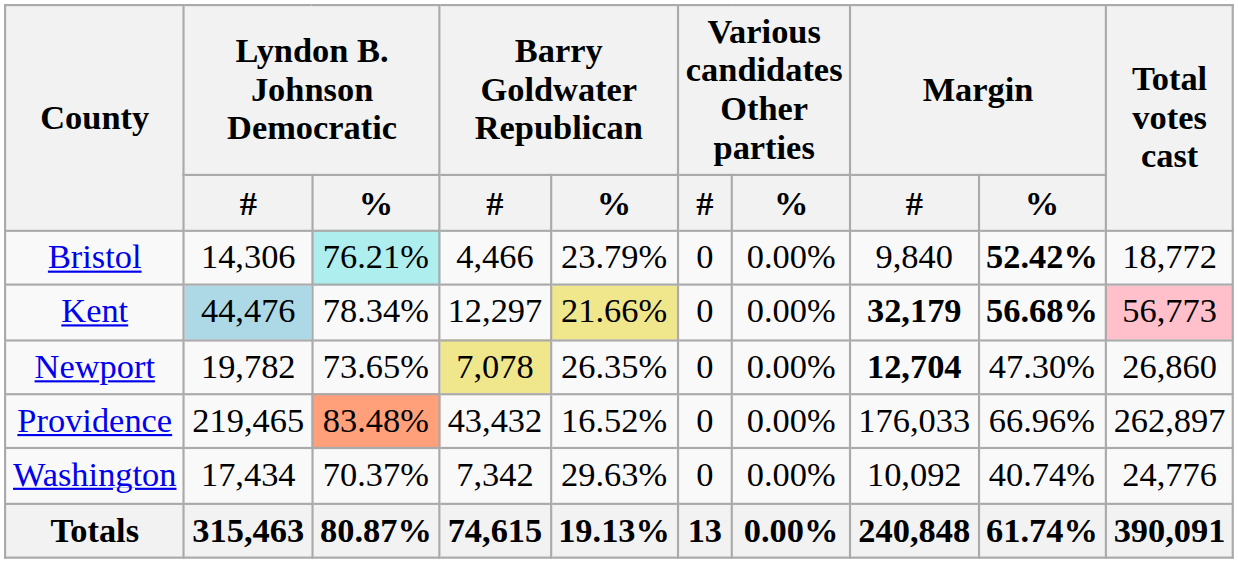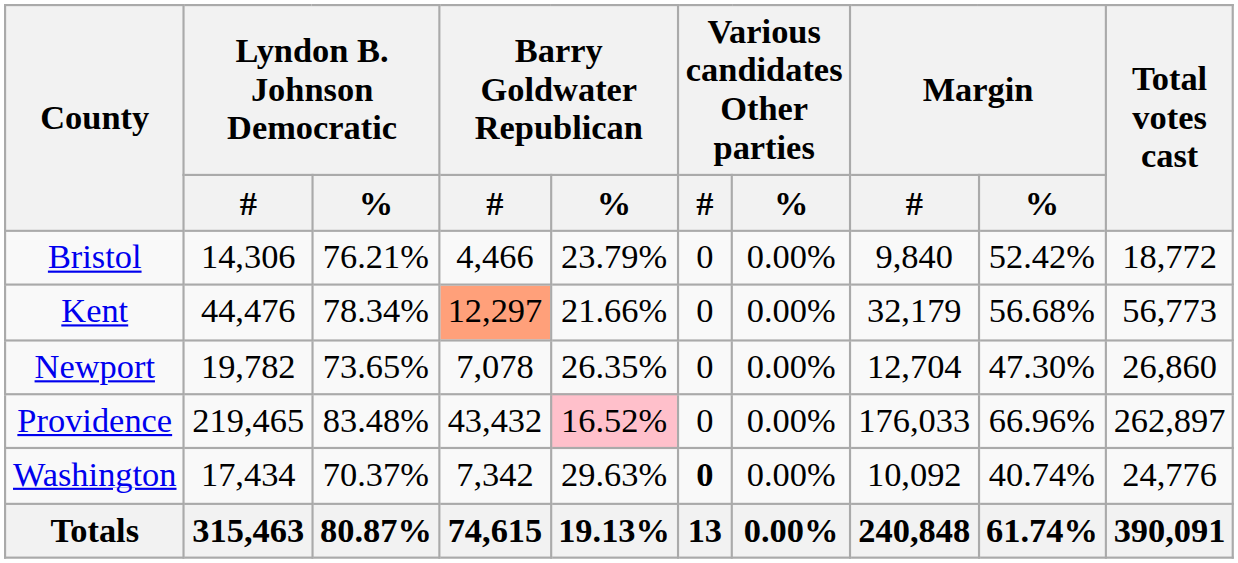 <table width="60%" class="wikitable sortable" style="text-align:center">
 <tr>
 <th style="text-align:center;" rowspan="2">County</th>
 <th style="text-align:center;" colspan="2">Lyndon B. Johnson<br>Democratic</th>
 <th style="text-align:center;" colspan="2">Barry Goldwater<br>Republican</th>
 <th style="text-align:center;" colspan="2">Various candidates<br>Other parties</th>
 <th style="text-align:center;" colspan="2">Margin</th>
 <th style="text-align:center;" rowspan="2">Total votes cast</th>
 </tr>
 <tr>
 <th style="text-align:center;" data-sort-type="number">#</th>
 <th style="text-align:center;" data-sort-type="number">%</th>
 <th style="text-align:center;" data-sort-type="number">#</th>
 <th style="text-align:center;" data-sort-type="number">%</th>
 <th style="text-align:center;" data-sort-type="number">#</th>
 <th style="text-align:center;" data-sort-type="number">%</th>
 <th style="text-align:center;" data-sort-type="number">#</th>
 <th style="text-align:center;" data-sort-type="number">%</th>
 </tr>
 <tr style="text-align:center;">
 <td><a href='#'>Bristol</a></td>
 <td>14,306</td>
-<td style="background: paleturquoise;">76.21%</td>
+<td>76.21%</td>
 <td>4,466</td>
 <td>23.79%</td>
 <td>0</td>
 <td>0.00%</td>
 <td>9,840</td>
-<td><strong>52.42%</strong></td>
+<td>52.42%</td>
 <td>18,772</td>
 </tr>
 <tr style="text-align:center;">
 <td><a href='#'>Kent</a></td>
-<td style="background: lightblue;">44,476</td>
+<td>44,476</td>
 <td>78.34%</td>
-<td>12,297</td>
-<td style="background: khaki;">21.66%</td>
+<td style="background: lightsalmon;">12,297</td>
+<td>21.66%</td>
 <td>0</td>
 <td>0.00%</td>
-<td><strong>32,179</strong></td>
-<td><strong>56.68%</strong></td>
-<td style="background: pink;">56,773</td>
+<td>32,179</td>
+<td>56.68%</td>
+<td>56,773</td>
 </tr>
 <tr style="text-align:center;">
 <td><a href='#'>Newport</a></td>
 <td>19,782</td>
 <td>73.65%</td>
-<td style="background: khaki;">7,078</td>
+<td>7,078</td>
 <td>26.35%</td>
 <td>0</td>
 <td>0.00%</td>
-<td><strong>12,704</strong></td>
+<td>12,704</td>
 <td>47.30%</td>
 <td>26,860</td>
 </tr>
 <tr style="text-align:center;">
 <td><a href='#'>Providence</a></td>
 <td>219,465</td>
-<td style="background: lightsalmon;">83.48%</td>
+<td>83.48%</td>
 <td>43,432</td>
-<td>16.52%</td>
+<td style="background: pink;">16.52%</td>
 <td>0</td>
 <td>0.00%</td>
 <td>176,033</td>
 <td>66.96%</td>
 <td>262,897</td>
 </tr>
 <tr style="text-align:center;">
 <td><a href='#'>Washington</a></td>
 <td>17,434</td>
 <td>70.37%</td>
 <td>7,342</td>
 <td>29.63%</td>
-<td>0</td>
+<td><strong>0</strong></td>
 <td>0.00%</td>
 <td>10,092</td>
 <td>40.74%</td>
 <td>24,776</td>
 </tr>
 <tr>
 <th>Totals</th>
 <th>315,463</th>
 <th>80.87%</th>
 <th>74,615</th>
 <th>19.13%</th>
 <th>13</th>
 <th>0.00%</th>
 <th>240,848</th>
 <th>61.74%</th>
 <th>390,091</th>
 </tr>
 </table>
